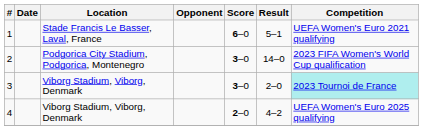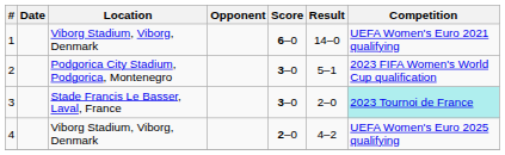 <table class="wikitable collapsible sortable" style="font-size:90%">
 <tr>
 <th>#</th>
 <th>Date</th>
 <th>Location</th>
 <th>Opponent</th>
 <th>Score</th>
 <th>Result</th>
 <th>Competition</th>
 </tr>
 <tr>
 <td>1</td>
 <td></td>
-<td><a href='#'>Stade Francis Le Basser</a>, <a href='#'>Laval</a>, France</td>
+<td><a href='#'>Viborg Stadium</a>, <a href='#'>Viborg</a>, Denmark</td>
 <td></td>
 <td style="text-align: center;"><strong>6</strong>–0</td>
-<td style="text-align: center;">5–1</td>
+<td style="text-align: center;">14–0</td>
 <td><a href='#'>UEFA Women's Euro 2021 qualifying</a></td>
 </tr>
 <tr>
 <td>2</td>
 <td></td>
 <td><a href='#'>Podgorica City Stadium</a>, <a href='#'>Podgorica</a>, Montenegro</td>
 <td></td>
 <td style="text-align: center;"><strong>3</strong>–0</td>
-<td style="text-align: center;">14–0</td>
+<td style="text-align: center;">5–1</td>
 <td><a href='#'>2023 FIFA Women's World Cup qualification</a></td>
 </tr>
 <tr>
 <td>3</td>
 <td></td>
-<td><a href='#'>Viborg Stadium</a>, <a href='#'>Viborg</a>, Denmark</td>
+<td><a href='#'>Stade Francis Le Basser</a>, <a href='#'>Laval</a>, France</td>
 <td></td>
 <td align=center><strong>3</strong>–0</td>
 <td align=center>2–0</td>
 <td style="background: paleturquoise;"><a href='#'>2023 Tournoi de France</a></td>
 </tr>
 <tr>
 <td>4</td>
 <td></td>
 <td>Viborg Stadium, Viborg, Denmark</td>
 <td></td>
 <td align=center><strong>2</strong>–0</td>
 <td align=center>4–2</td>
 <td><a href='#'>UEFA Women's Euro 2025 qualifying</a></td>
 </tr>
 <tr>
 </tr>
 </table>
